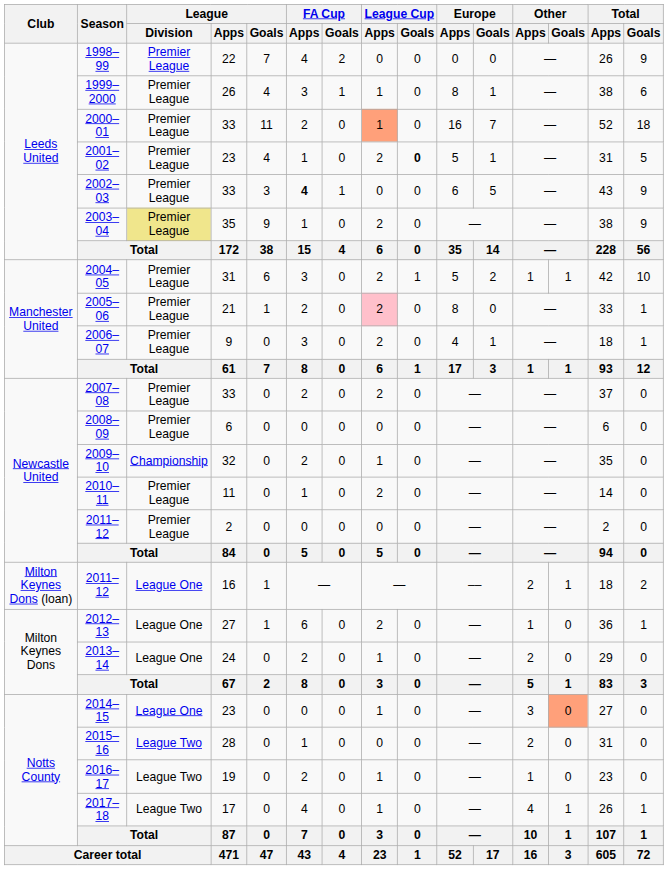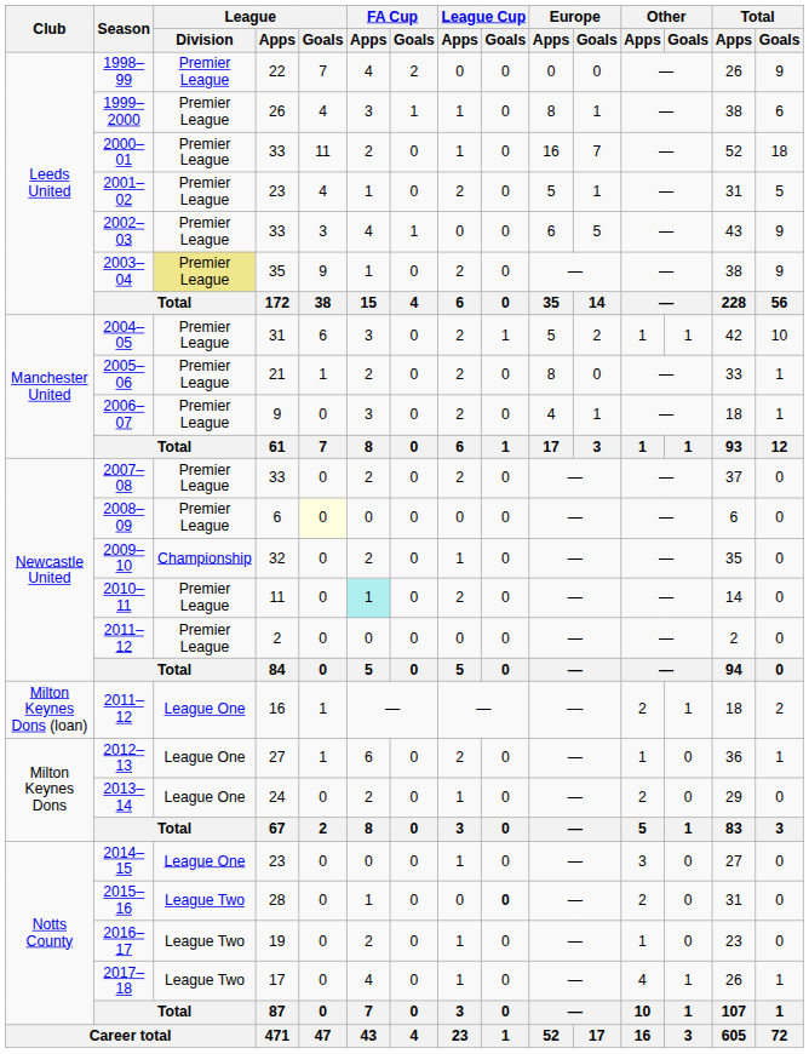 <table class="wikitable" style="text-align:center;">
 <tr>
 <th rowspan="2">Club</th>
 <th rowspan="2">Season</th>
 <th colspan="3">League</th>
 <th colspan="2"><a href='#'>FA Cup</a></th>
 <th colspan="2"><a href='#'>League Cup</a></th>
 <th colspan="2">Europe</th>
 <th colspan="2">Other</th>
 <th colspan="2">Total</th>
 </tr>
 <tr>
 <th>Division</th>
 <th>Apps</th>
 <th>Goals</th>
 <th>Apps</th>
 <th>Goals</th>
 <th>Apps</th>
 <th>Goals</th>
 <th>Apps</th>
 <th>Goals</th>
 <th>Apps</th>
 <th>Goals</th>
 <th>Apps</th>
 <th>Goals</th>
 </tr>
 <tr>
 <td rowspan="7"><a href='#'>Leeds United</a></td>
 <td><a href='#'>1998–99</a></td>
 <td><a href='#'>Premier League</a></td>
 <td>22</td>
 <td>7</td>
 <td>4</td>
 <td>2</td>
 <td>0</td>
 <td>0</td>
 <td>0</td>
 <td>0</td>
 <td colspan="2">—</td>
 <td>26</td>
 <td>9</td>
 </tr>
 <tr>
 <td><a href='#'>1999–2000</a></td>
 <td>Premier League</td>
 <td>26</td>
 <td>4</td>
 <td>3</td>
 <td>1</td>
 <td>1</td>
 <td>0</td>
 <td>8</td>
 <td>1</td>
 <td colspan="2">—</td>
 <td>38</td>
 <td>6</td>
 </tr>
 <tr>
 <td><a href='#'>2000–01</a></td>
 <td>Premier League</td>
 <td>33</td>
 <td>11</td>
 <td>2</td>
 <td>0</td>
-<td style="background: lightsalmon;">1</td>
+<td>1</td>
 <td>0</td>
 <td>16</td>
 <td>7</td>
 <td colspan="2">—</td>
 <td>52</td>
 <td>18</td>
 </tr>
 <tr>
 <td><a href='#'>2001–02</a></td>
 <td>Premier League</td>
 <td>23</td>
 <td>4</td>
 <td>1</td>
 <td>0</td>
 <td>2</td>
-<td><strong>0</strong></td>
+<td>0</td>
 <td>5</td>
 <td>1</td>
 <td colspan="2">—</td>
 <td>31</td>
 <td>5</td>
 </tr>
 <tr>
 <td><a href='#'>2002–03</a></td>
 <td>Premier League</td>
 <td>33</td>
 <td>3</td>
-<td><strong>4</strong></td>
+<td>4</td>
 <td>1</td>
 <td>0</td>
 <td>0</td>
 <td>6</td>
 <td>5</td>
 <td colspan="2">—</td>
 <td>43</td>
 <td>9</td>
 </tr>
 <tr>
 <td><a href='#'>2003–04</a></td>
 <td style="background: khaki;">Premier League</td>
 <td>35</td>
 <td>9</td>
 <td>1</td>
 <td>0</td>
 <td>2</td>
 <td>0</td>
 <td colspan="2">—</td>
 <td colspan="2">—</td>
 <td>38</td>
 <td>9</td>
 </tr>
 <tr>
 <th colspan="2">Total</th>
 <th>172</th>
 <th>38</th>
 <th>15</th>
 <th>4</th>
 <th>6</th>
 <th>0</th>
 <th>35</th>
 <th>14</th>
 <th colspan="2">—</th>
 <th>228</th>
 <th>56</th>
 </tr>
 <tr>
 <td rowspan="4"><a href='#'>Manchester United</a></td>
 <td><a href='#'>2004–05</a></td>
 <td>Premier League</td>
 <td>31</td>
 <td>6</td>
 <td>3</td>
 <td>0</td>
 <td>2</td>
 <td>1</td>
 <td>5</td>
 <td>2</td>
 <td>1</td>
 <td>1</td>
 <td>42</td>
 <td>10</td>
 </tr>
 <tr>
 <td><a href='#'>2005–06</a></td>
 <td>Premier League</td>
 <td>21</td>
 <td>1</td>
 <td>2</td>
 <td>0</td>
-<td style="background: pink;">2</td>
+<td>2</td>
 <td>0</td>
 <td>8</td>
 <td>0</td>
 <td colspan="2">—</td>
 <td>33</td>
 <td>1</td>
 </tr>
 <tr>
 <td><a href='#'>2006–07</a></td>
 <td>Premier League</td>
 <td>9</td>
 <td>0</td>
 <td>3</td>
 <td>0</td>
 <td>2</td>
 <td>0</td>
 <td>4</td>
 <td>1</td>
 <td colspan="2">—</td>
 <td>18</td>
 <td>1</td>
 </tr>
 <tr>
 <th colspan="2">Total</th>
 <th>61</th>
 <th>7</th>
 <th>8</th>
 <th>0</th>
 <th>6</th>
 <th>1</th>
 <th>17</th>
 <th>3</th>
 <th>1</th>
 <th>1</th>
 <th>93</th>
 <th>12</th>
 </tr>
 <tr>
 <td rowspan="6"><a href='#'>Newcastle United</a></td>
 <td><a href='#'>2007–08</a></td>
 <td>Premier League</td>
 <td>33</td>
 <td>0</td>
 <td>2</td>
 <td>0</td>
 <td>2</td>
 <td>0</td>
 <td colspan="2">—</td>
 <td colspan="2">—</td>
 <td>37</td>
 <td>0</td>
 </tr>
 <tr>
 <td><a href='#'>2008–09</a></td>
 <td>Premier League</td>
 <td>6</td>
-<td>0</td>
+<td style="background: lightyellow;">0</td>
 <td>0</td>
 <td>0</td>
 <td>0</td>
 <td>0</td>
 <td colspan="2">—</td>
 <td colspan="2">—</td>
 <td>6</td>
 <td>0</td>
 </tr>
 <tr>
 <td><a href='#'>2009–10</a></td>
 <td><a href='#'>Championship</a></td>
 <td>32</td>
 <td>0</td>
 <td>2</td>
 <td>0</td>
 <td>1</td>
 <td>0</td>
 <td colspan="2">—</td>
 <td colspan="2">—</td>
 <td>35</td>
 <td>0</td>
 </tr>
 <tr>
 <td><a href='#'>2010–11</a></td>
 <td>Premier League</td>
 <td>11</td>
 <td>0</td>
-<td>1</td>
+<td style="background: paleturquoise;">1</td>
 <td>0</td>
 <td>2</td>
 <td>0</td>
 <td colspan="2">—</td>
 <td colspan="2">—</td>
 <td>14</td>
 <td>0</td>
 </tr>
 <tr>
 <td><a href='#'>2011–12</a></td>
 <td>Premier League</td>
 <td>2</td>
 <td>0</td>
 <td>0</td>
 <td>0</td>
 <td>0</td>
 <td>0</td>
 <td colspan="2">—</td>
 <td colspan="2">—</td>
 <td>2</td>
 <td>0</td>
 </tr>
 <tr>
 <th colspan="2">Total</th>
 <th>84</th>
 <th>0</th>
 <th>5</th>
 <th>0</th>
 <th>5</th>
 <th>0</th>
 <th colspan="2">—</th>
 <th colspan="2">—</th>
 <th>94</th>
 <th>0</th>
 </tr>
 <tr>
 <td><a href='#'>Milton Keynes Dons</a> (loan)</td>
 <td><a href='#'>2011–12</a></td>
 <td><a href='#'>League One</a></td>
 <td>16</td>
 <td>1</td>
 <td colspan="2">—</td>
 <td colspan="2">—</td>
 <td colspan="2">––</td>
 <td>2</td>
 <td>1</td>
 <td>18</td>
 <td>2</td>
 </tr>
 <tr>
 <td rowspan="3">Milton Keynes Dons</td>
 <td><a href='#'>2012–13</a></td>
 <td>League One</td>
 <td>27</td>
 <td>1</td>
 <td>6</td>
 <td>0</td>
 <td>2</td>
 <td>0</td>
 <td colspan="2">—</td>
 <td>1</td>
 <td>0</td>
 <td>36</td>
 <td>1</td>
 </tr>
 <tr>
 <td><a href='#'>2013–14</a></td>
 <td>League One</td>
 <td>24</td>
 <td>0</td>
 <td>2</td>
 <td>0</td>
 <td>1</td>
 <td>0</td>
 <td colspan="2">—</td>
 <td>2</td>
 <td>0</td>
 <td>29</td>
 <td>0</td>
 </tr>
 <tr>
 <th colspan="2">Total</th>
 <th>67</th>
 <th>2</th>
 <th>8</th>
 <th>0</th>
 <th>3</th>
 <th>0</th>
 <th colspan="2">—</th>
 <th>5</th>
 <th>1</th>
 <th>83</th>
 <th>3</th>
 </tr>
 <tr>
 <td rowspan="5"><a href='#'>Notts County</a></td>
 <td><a href='#'>2014–15</a></td>
 <td><a href='#'>League One</a></td>
 <td>23</td>
 <td>0</td>
 <td>0</td>
 <td>0</td>
 <td>1</td>
 <td>0</td>
 <td colspan="2">—</td>
 <td>3</td>
-<td style="background: lightsalmon;">0</td>
+<td>0</td>
 <td>27</td>
 <td>0</td>
 </tr>
 <tr>
 <td><a href='#'>2015–16</a></td>
 <td><a href='#'>League Two</a></td>
 <td>28</td>
 <td>0</td>
 <td>1</td>
 <td>0</td>
 <td>0</td>
-<td>0</td>
+<td><strong>0</strong></td>
 <td colspan="2">—</td>
 <td>2</td>
 <td>0</td>
 <td>31</td>
 <td>0</td>
 </tr>
 <tr>
 <td><a href='#'>2016–17</a></td>
 <td>League Two</td>
 <td>19</td>
 <td>0</td>
 <td>2</td>
 <td>0</td>
 <td>1</td>
 <td>0</td>
 <td colspan="2">—</td>
 <td>1</td>
 <td>0</td>
 <td>23</td>
 <td>0</td>
 </tr>
 <tr>
 <td><a href='#'>2017–18</a></td>
 <td>League Two</td>
 <td>17</td>
 <td>0</td>
 <td>4</td>
 <td>0</td>
 <td>1</td>
 <td>0</td>
 <td colspan="2">—</td>
 <td>4</td>
 <td>1</td>
 <td>26</td>
 <td>1</td>
 </tr>
 <tr>
 <th colspan="2">Total</th>
 <th>87</th>
 <th>0</th>
 <th>7</th>
 <th>0</th>
 <th>3</th>
 <th>0</th>
 <th colspan="2">—</th>
 <th>10</th>
 <th>1</th>
 <th>107</th>
 <th>1</th>
 </tr>
 <tr>
 <th colspan="3">Career total</th>
 <th>471</th>
 <th>47</th>
 <th>43</th>
 <th>4</th>
 <th>23</th>
 <th>1</th>
 <th>52</th>
 <th>17</th>
 <th>16</th>
 <th>3</th>
 <th>605</th>
 <th>72</th>
 </tr>
 </table>
